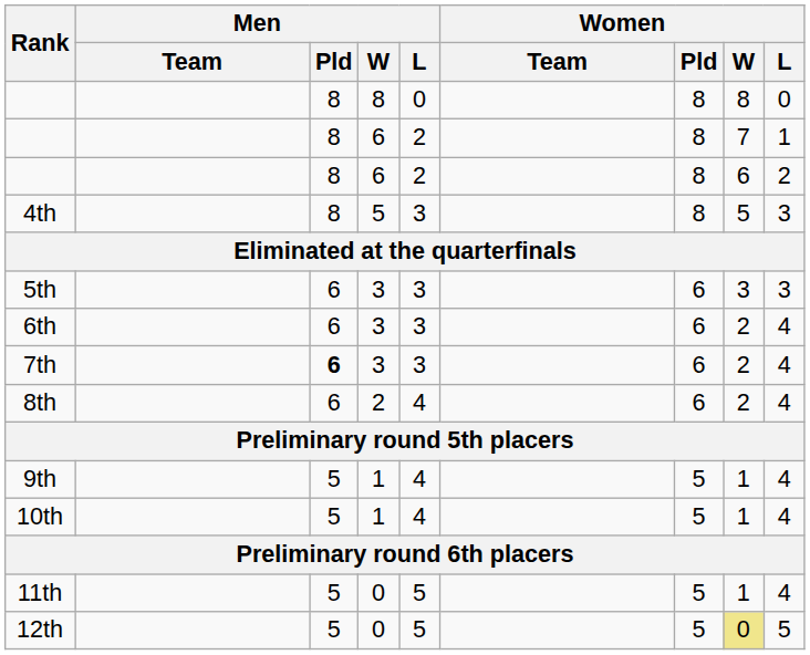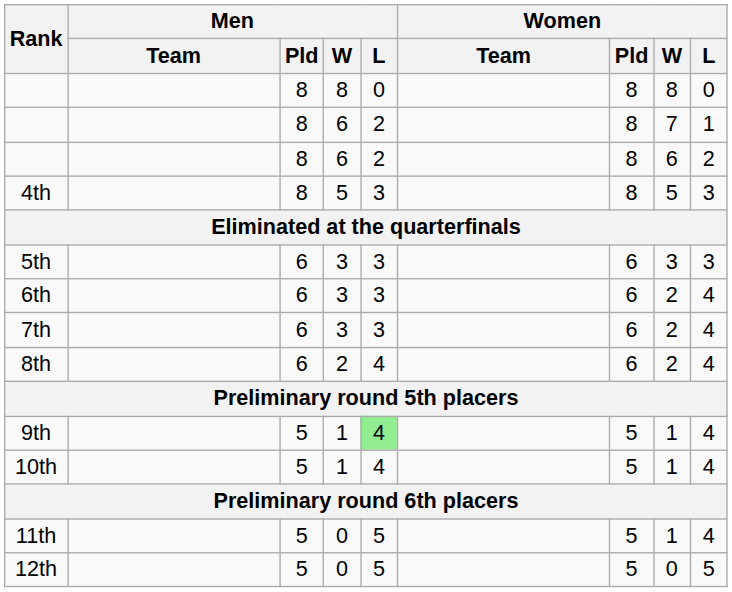 <table class=wikitable>
 <tr>
 <th rowspan=2>Rank</th>
 <th colspan=4>Men</th>
 <th colspan=4>Women</th>
 </tr>
 <tr>
 <th width=150px>Team</th>
 <th width=20px>Pld</th>
 <th width=20px>W</th>
 <th width=20px>L</th>
 <th width=150px>Team</th>
 <th width=20px>Pld</th>
 <th width=20px>W</th>
 <th width=20px>L</th>
 </tr>
 <tr align=center>
 <td></td>
 <td align=left></td>
 <td>8</td>
 <td>8</td>
 <td>0</td>
 <td align=left></td>
 <td>8</td>
 <td>8</td>
 <td>0</td>
 </tr>
 <tr align=center>
 <td></td>
 <td align=left></td>
 <td>8</td>
 <td>6</td>
 <td>2</td>
 <td align=left></td>
 <td>8</td>
 <td>7</td>
 <td>1</td>
 </tr>
 <tr align=center>
 <td></td>
 <td align=left></td>
 <td>8</td>
 <td>6</td>
 <td>2</td>
 <td align=left></td>
 <td>8</td>
 <td>6</td>
 <td>2</td>
 </tr>
 <tr align=center>
 <td>4th</td>
 <td align=left></td>
 <td>8</td>
 <td>5</td>
 <td>3</td>
 <td align=left></td>
 <td>8</td>
 <td>5</td>
 <td>3</td>
 </tr>
 <tr>
 <th colspan=9>Eliminated at the quarterfinals</th>
 </tr>
 <tr align=center>
 <td>5th</td>
 <td align=left></td>
 <td>6</td>
 <td>3</td>
 <td>3</td>
 <td align=left></td>
 <td>6</td>
 <td>3</td>
 <td>3</td>
 </tr>
 <tr align=center>
 <td>6th</td>
 <td align=left></td>
 <td>6</td>
 <td>3</td>
 <td>3</td>
 <td align=left></td>
 <td>6</td>
 <td>2</td>
 <td>4</td>
 </tr>
 <tr align=center>
 <td>7th</td>
 <td align=left></td>
-<td><strong>6</strong></td>
+<td>6</td>
 <td>3</td>
 <td>3</td>
 <td align=left></td>
 <td>6</td>
 <td>2</td>
 <td>4</td>
 </tr>
 <tr align=center>
 <td>8th</td>
 <td align=left></td>
 <td>6</td>
 <td>2</td>
 <td>4</td>
 <td align=left></td>
 <td>6</td>
 <td>2</td>
 <td>4</td>
 </tr>
 <tr>
 <th colspan=9>Preliminary round 5th placers</th>
 </tr>
 <tr align=center>
 <td>9th</td>
 <td align=left></td>
 <td>5</td>
 <td>1</td>
-<td>4</td>
+<td style="background: lightgreen;">4</td>
 <td align=left></td>
 <td>5</td>
 <td>1</td>
 <td>4</td>
 </tr>
 <tr align=center>
 <td>10th</td>
 <td align=left></td>
 <td>5</td>
 <td>1</td>
 <td>4</td>
 <td align=left></td>
 <td>5</td>
 <td>1</td>
 <td>4</td>
 </tr>
 <tr>
 <th colspan=9>Preliminary round 6th placers</th>
 </tr>
 <tr align=center>
 <td>11th</td>
 <td align=left></td>
 <td>5</td>
 <td>0</td>
 <td>5</td>
 <td align=left></td>
 <td>5</td>
 <td>1</td>
 <td>4</td>
 </tr>
 <tr align=center>
 <td>12th</td>
 <td align=left></td>
 <td>5</td>
 <td>0</td>
 <td>5</td>
 <td align=left></td>
 <td>5</td>
-<td style="background: khaki;">0</td>
+<td>0</td>
 <td>5</td>
 </tr>
 </table>
